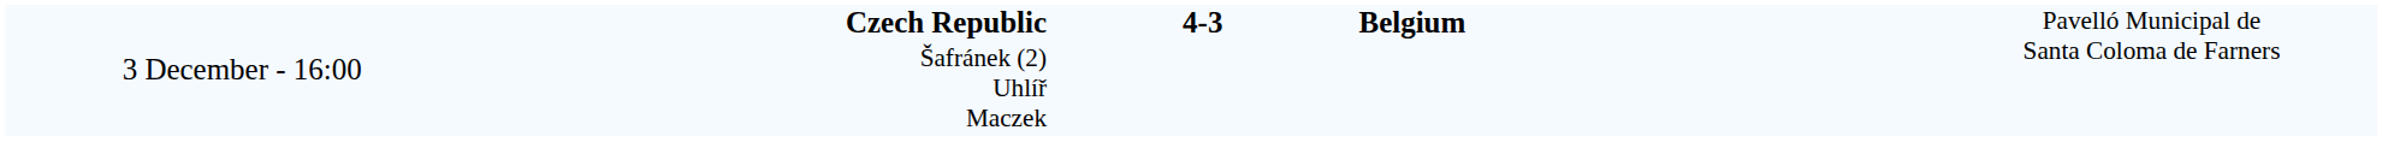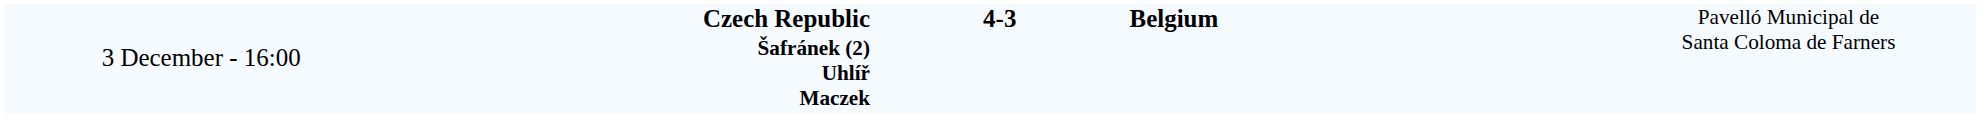 <table style="width: 100%; background:#F5FAFF;" cellspacing="0">
 <tr>
 <td align=center rowspan=3 width=20%>3 December - 16:00</td>
 </tr>
 <tr>
 <td width=24% align=right><strong>Czech Republic</strong> </td>
 <td align=center width=13%><strong>4-3</strong></td>
 <td width=24%> <strong>Belgium</strong></td>
 <td style=font-size:85% rowspan=3 valign=top align=center>Pavelló Municipal de <br>Santa Coloma de Farners</td>
 </tr>
 <tr style=font-size:85%>
-<td align=right valign=top>Šafránek (2)<br>Uhlíř<br>Maczek</td>
+<td align=right valign=top><strong>Šafránek (2)<br>Uhlíř<br>Maczek</strong></td>
 <td></td>
 <td></td>
 </tr>
 </table>
